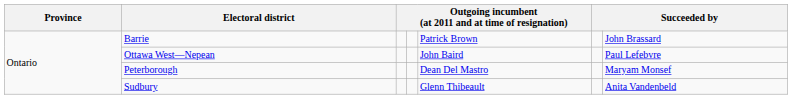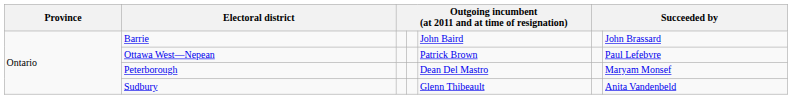 <table class="wikitable" style="width:100%;">
 <tr align="center">
 <th style="width:15%;">Province</th>
 <th style="width:35%;">Electoral district</th>
 <th style="width:25%;" colspan="3">Outgoing incumbent<br>(at 2011 and at time of resignation)</th>
 <th style="width:25%;" colspan="2">Succeeded by</th>
 </tr>
 <tr>
 <td rowspan="4">Ontario</td>
 <td><a href='#'>Barrie</a></td>
 <td></td>
 <td></td>
-<td><a href='#'>Patrick Brown</a></td>
+<td><a href='#'>John Baird</a></td>
 <td></td>
 <td><a href='#'>John Brassard</a></td>
 </tr>
 <tr>
 <td><a href='#'>Ottawa West—Nepean</a></td>
 <td></td>
 <td></td>
-<td><a href='#'>John Baird</a></td>
+<td><a href='#'>Patrick Brown</a></td>
 <td></td>
 <td><a href='#'>Paul Lefebvre</a></td>
 </tr>
 <tr>
 <td><a href='#'>Peterborough</a></td>
 <td></td>
 <td></td>
 <td><a href='#'>Dean Del Mastro</a></td>
 <td></td>
 <td><a href='#'>Maryam Monsef</a></td>
 </tr>
 <tr>
 <td><a href='#'>Sudbury</a></td>
 <td></td>
 <td></td>
 <td><a href='#'>Glenn Thibeault</a></td>
 <td></td>
 <td><a href='#'>Anita Vandenbeld</a></td>
 </tr>
 </table>
